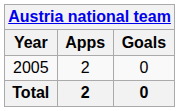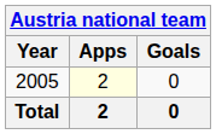 <table class="wikitable" style="text-align:center">
 <tr>
 <th colspan=3><a href='#'>Austria national team</a></th>
 </tr>
 <tr>
 <th>Year</th>
 <th>Apps</th>
 <th>Goals</th>
 </tr>
 <tr>
 </tr>
 <tr>
 <td>2005</td>
-<td>2</td>
+<td style="background: lightyellow;">2</td>
 <td>0</td>
 </tr>
 <tr>
 <th>Total</th>
 <th>2</th>
 <th>0</th>
 </tr>
 </table>
